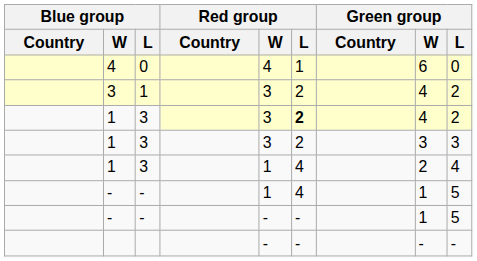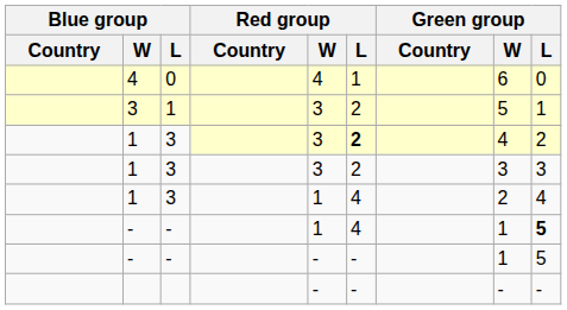 <table class="wikitable">
 <tr>
 <th colspan=3 width=150>Blue group</th>
 <th colspan=3 width=150>Red group</th>
 <th colspan=3 width=150>Green group</th>
 </tr>
 <tr>
 <th>Country</th>
 <th>W</th>
 <th>L</th>
 <th>Country</th>
 <th>W</th>
 <th>L</th>
 <th>Country</th>
 <th>W</th>
 <th>L</th>
 </tr>
 <tr bgcolor="#ffffcc">
 <td></td>
 <td>4</td>
 <td>0</td>
 <td></td>
 <td>4</td>
 <td>1</td>
 <td></td>
 <td>6</td>
 <td>0</td>
 </tr>
 <tr bgcolor="#ffffcc">
 <td></td>
 <td>3</td>
 <td>1</td>
 <td></td>
 <td>3</td>
 <td>2</td>
 <td></td>
-<td>4</td>
-<td>2</td>
+<td>5</td>
+<td>1</td>
 </tr>
 <tr>
 <td></td>
 <td>1</td>
 <td>3</td>
 <td bgcolor="#ffffcc"></td>
 <td bgcolor="#ffffcc">3</td>
 <td bgcolor="#ffffcc"><strong>2</strong></td>
 <td bgcolor="#ffffcc"></td>
 <td bgcolor="#ffffcc">4</td>
 <td bgcolor="#ffffcc">2</td>
 </tr>
 <tr>
 <td></td>
 <td>1</td>
 <td>3</td>
 <td></td>
 <td>3</td>
 <td>2</td>
 <td></td>
 <td>3</td>
 <td>3</td>
 </tr>
 <tr>
 <td></td>
 <td>1</td>
 <td>3</td>
 <td></td>
 <td>1</td>
 <td>4</td>
 <td></td>
 <td>2</td>
 <td>4</td>
 </tr>
 <tr>
 <td></td>
 <td>-</td>
 <td>-</td>
 <td></td>
 <td>1</td>
 <td>4</td>
 <td></td>
 <td>1</td>
-<td>5</td>
+<td><strong>5</strong></td>
 </tr>
 <tr>
 <td></td>
 <td>-</td>
 <td>-</td>
 <td></td>
 <td>-</td>
 <td>-</td>
 <td></td>
 <td>1</td>
 <td>5</td>
 </tr>
 <tr>
 <td></td>
 <td></td>
 <td></td>
 <td></td>
 <td>-</td>
 <td>-</td>
 <td></td>
 <td>-</td>
 <td>-</td>
 </tr>
 </table>
